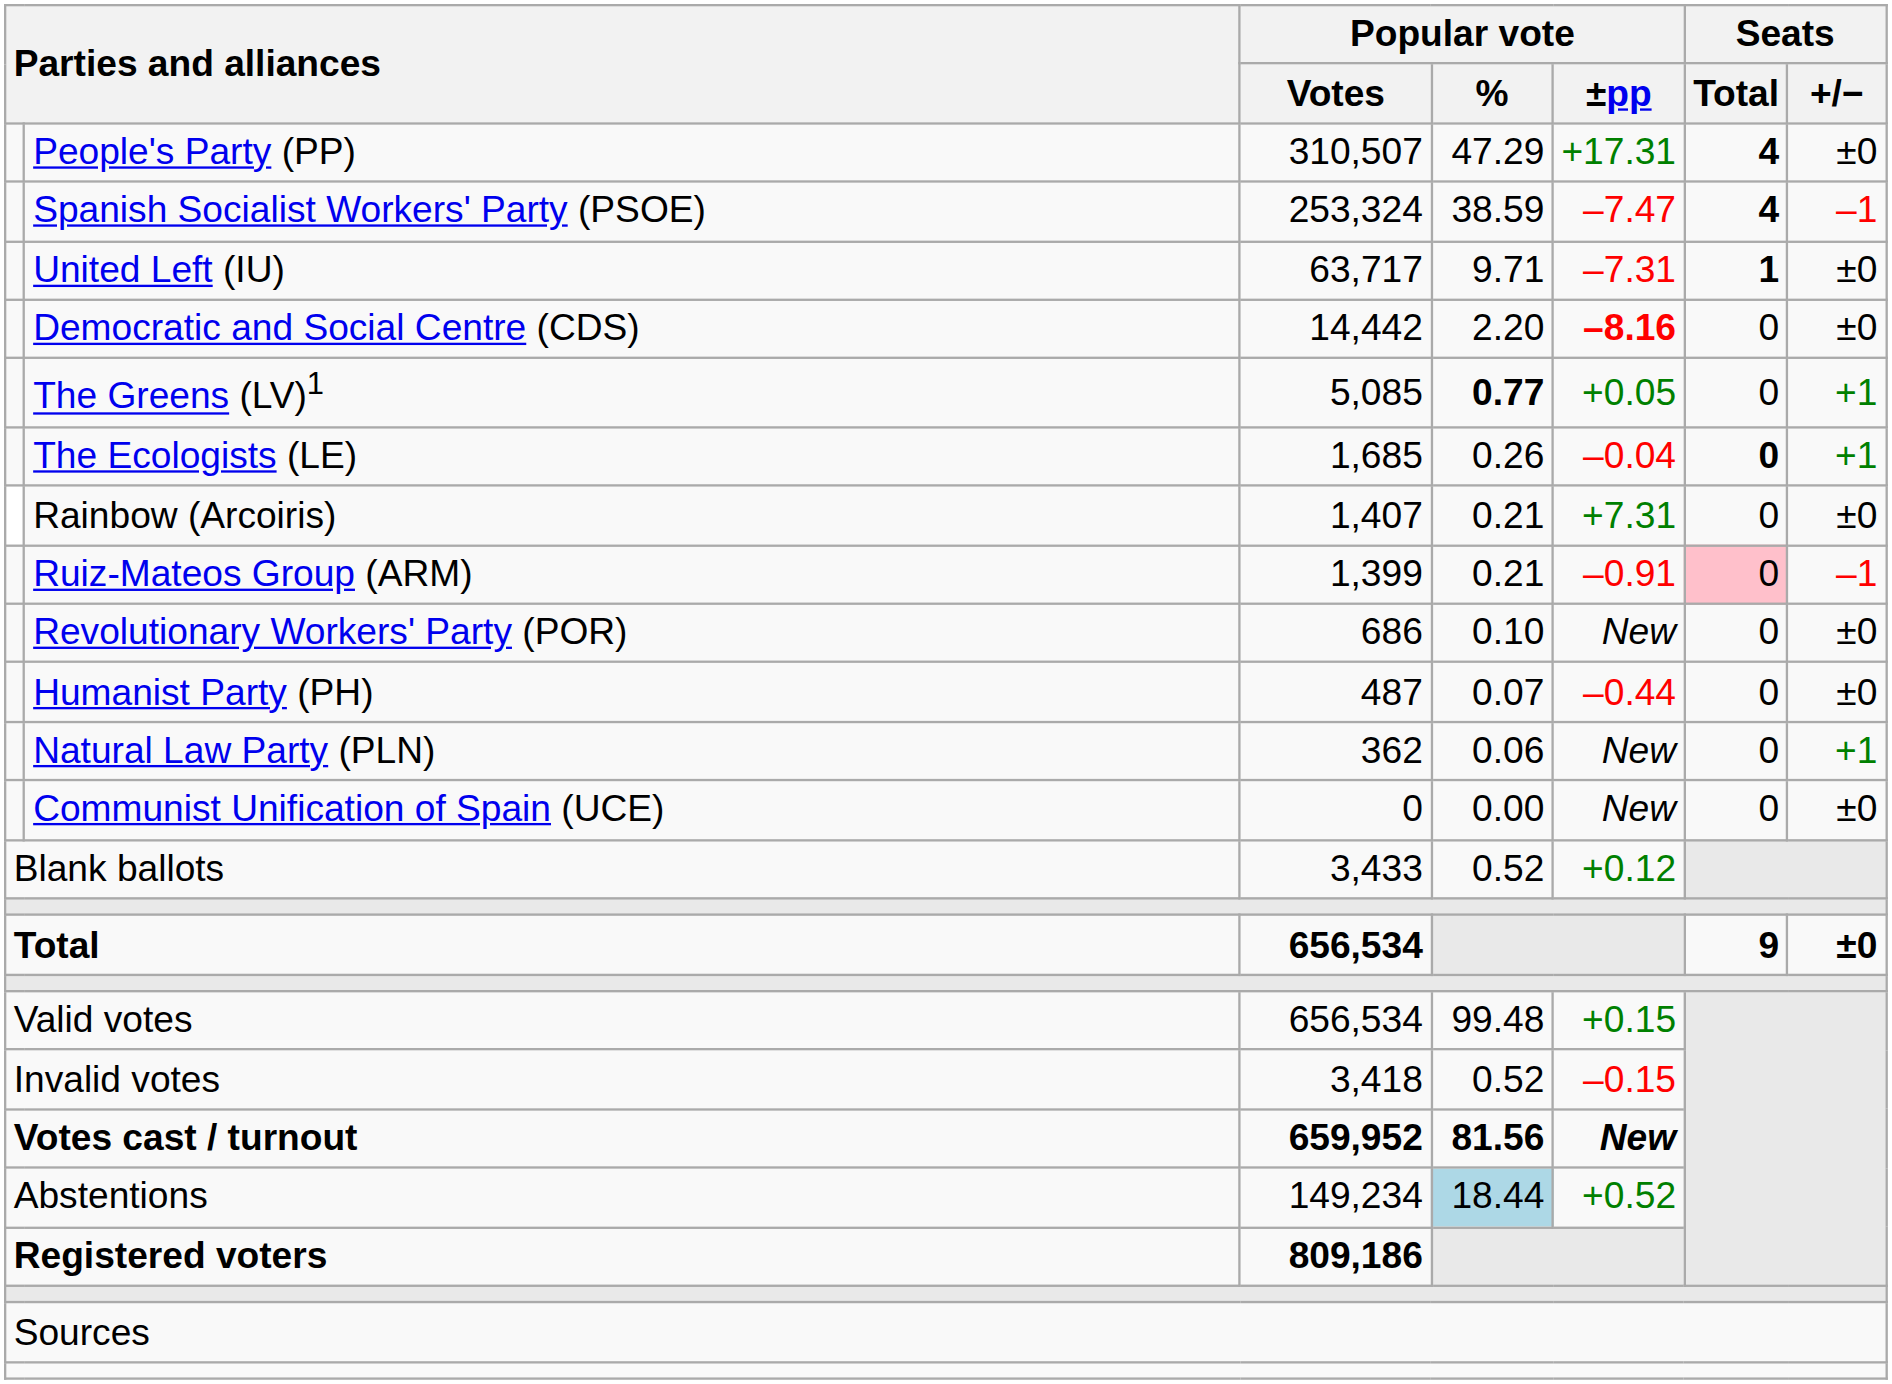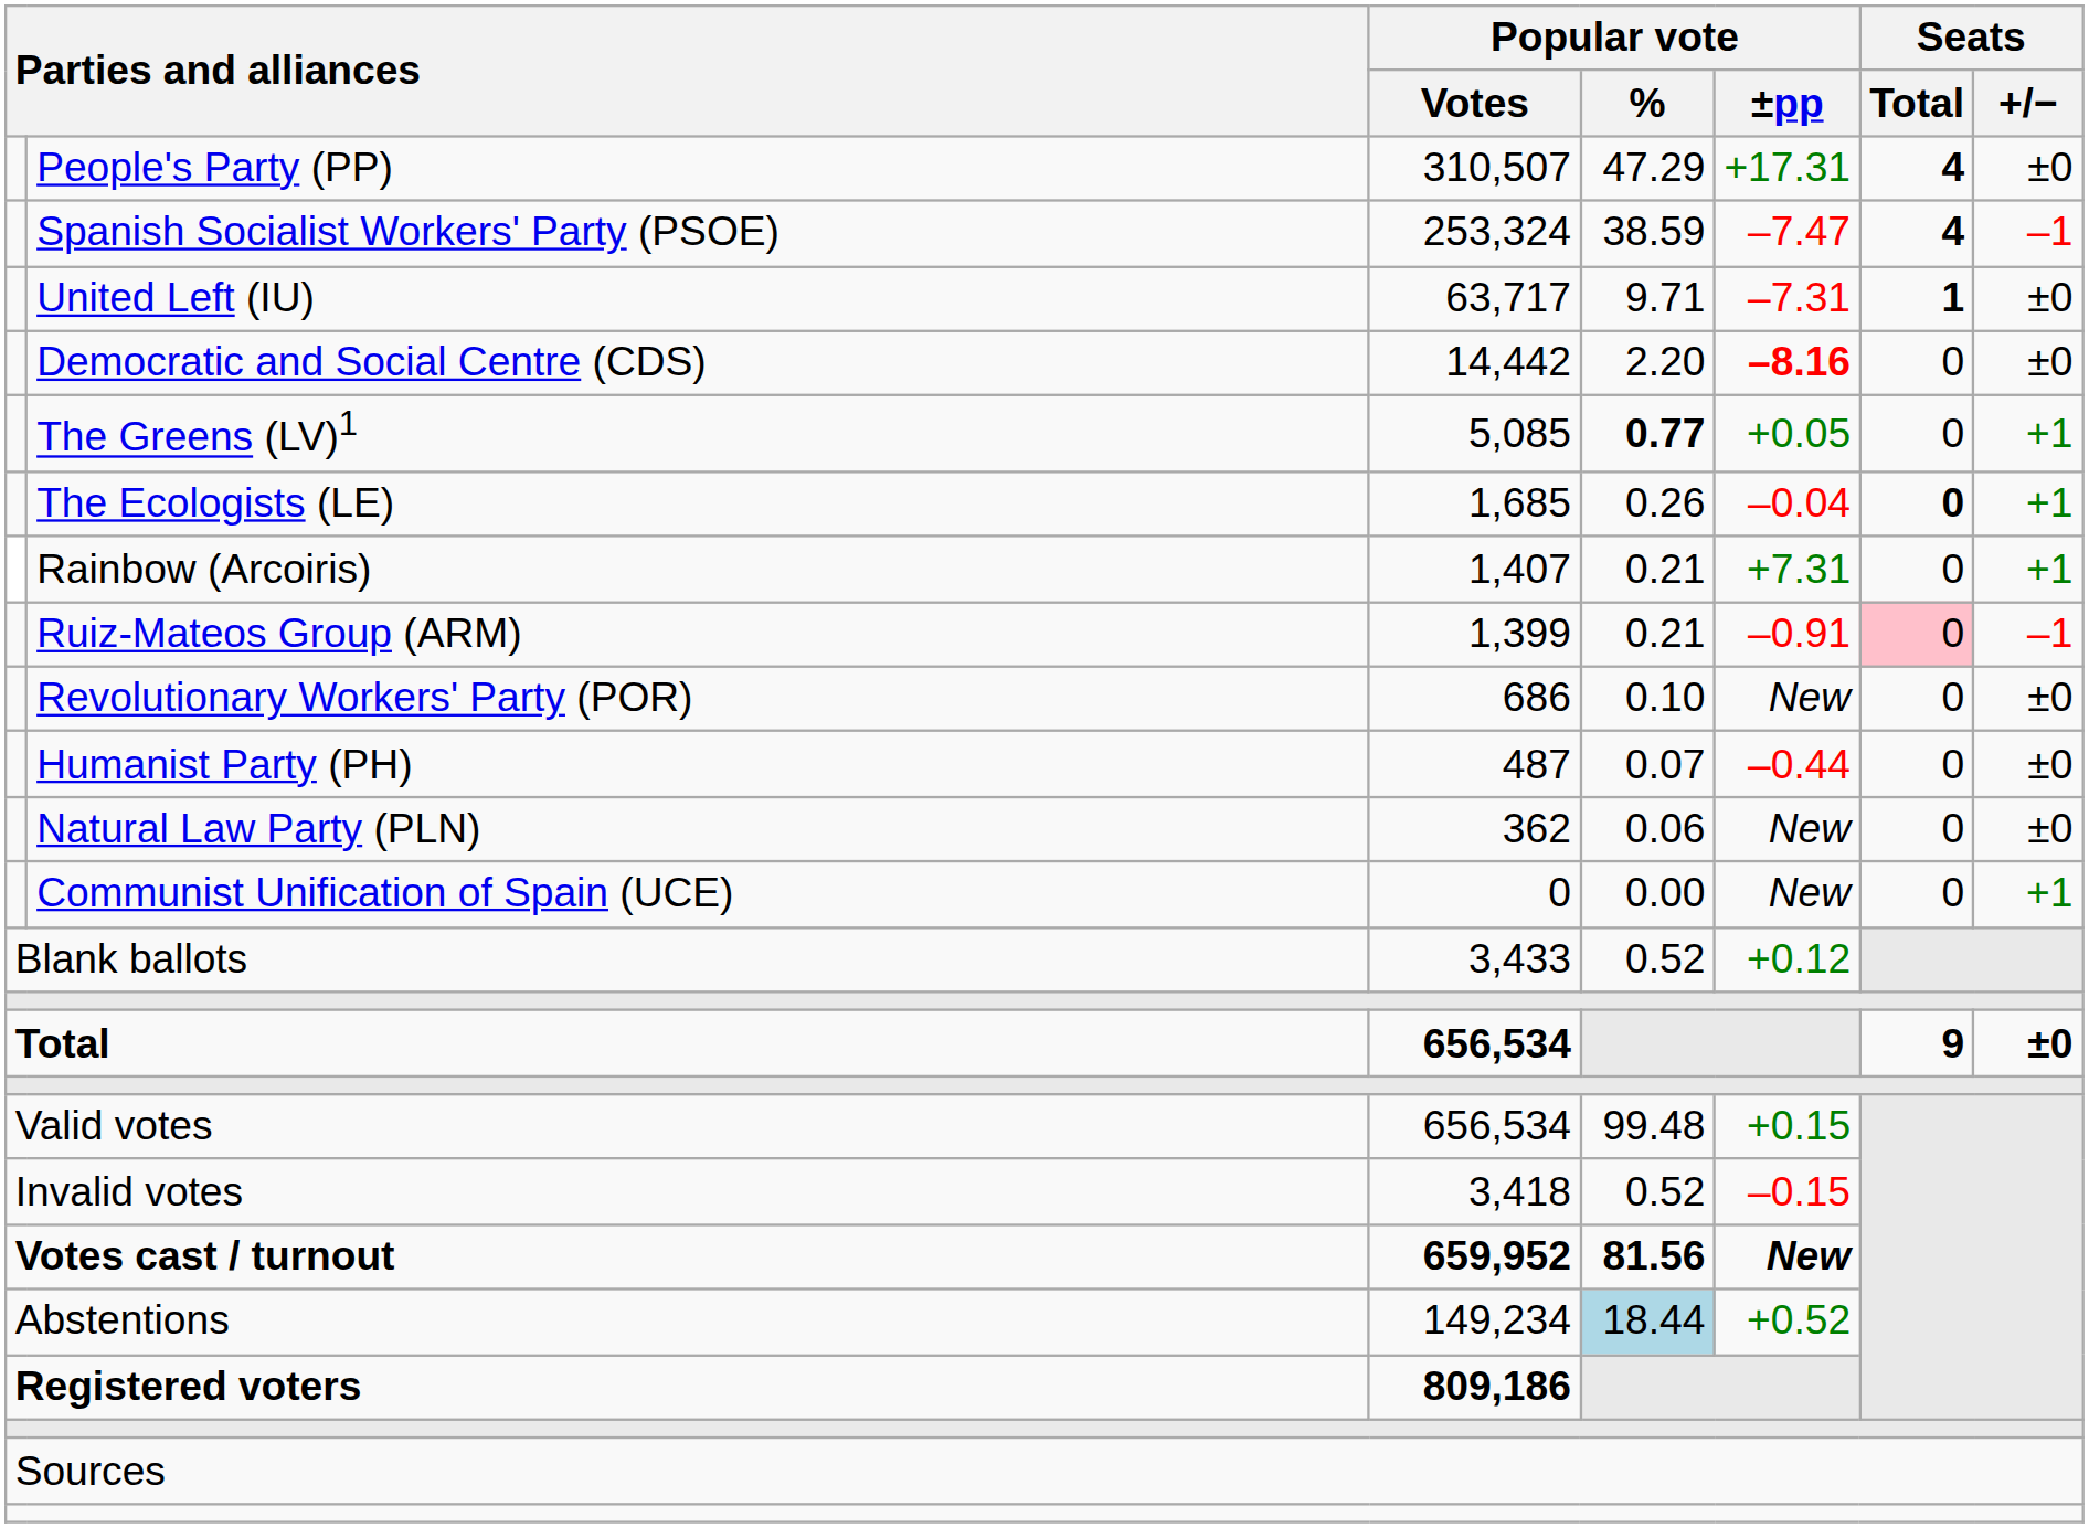 <table class="wikitable" style="text-align:right;">
 <tr>
 <th style="text-align:left;" rowspan="2" colspan="2" width="525">Parties and alliances</th>
 <th colspan="3">Popular vote</th>
 <th colspan="2">Seats</th>
 </tr>
 <tr>
 <th width="75">Votes</th>
 <th width="45">%</th>
 <th width="45">±<a href='#'>pp</a></th>
 <th width="35">Total</th>
 <th width="35">+/−</th>
 </tr>
 <tr>
 <td width="1" style="color:inherit;background:"></td>
 <td align="left"><a href='#'>People's Party</a> (PP)</td>
 <td>310,507</td>
 <td>47.29</td>
 <td style="color:green;">+17.31</td>
 <td><strong>4</strong></td>
 <td>±0</td>
 </tr>
 <tr>
 <td style="color:inherit;background:"></td>
 <td align="left"><a href='#'>Spanish Socialist Workers' Party</a> (PSOE)</td>
 <td>253,324</td>
 <td>38.59</td>
 <td style="color:red;">–7.47</td>
 <td><strong>4</strong></td>
 <td style="color:red;">–1</td>
 </tr>
 <tr>
 <td style="color:inherit;background:"></td>
 <td align="left"><a href='#'>United Left</a> (IU)</td>
 <td>63,717</td>
 <td>9.71</td>
 <td style="color:red;">–7.31</td>
 <td><strong>1</strong></td>
 <td>±0</td>
 </tr>
 <tr>
 <td style="color:inherit;background:"></td>
 <td align="left"><a href='#'>Democratic and Social Centre</a> (CDS)</td>
 <td>14,442</td>
 <td>2.20</td>
 <td style="color:red;"><strong>–8.16</strong></td>
 <td>0</td>
 <td>±0</td>
 </tr>
 <tr>
 <td style="color:inherit;background:"></td>
 <td align="left"><a href='#'>The Greens</a> (LV)<sup>1</sup></td>
 <td>5,085</td>
 <td><strong>0.77</strong></td>
 <td style="color:green;">+0.05</td>
 <td>0</td>
 <td style="color:green;">+1</td>
 </tr>
 <tr>
 <td style="color:inherit;background:"></td>
 <td align="left"><a href='#'>The Ecologists</a> (LE)</td>
 <td>1,685</td>
 <td>0.26</td>
 <td style="color:red;">–0.04</td>
 <td><strong>0</strong></td>
 <td style="color:green;">+1</td>
 </tr>
 <tr>
 <td bgcolor="white"></td>
 <td align="left">Rainbow (Arcoiris)</td>
 <td>1,407</td>
 <td>0.21</td>
 <td style="color:green;">+7.31</td>
 <td>0</td>
-<td>±0</td>
+<td style="color:green;">+1</td>
 </tr>
 <tr>
 <td style="color:inherit;background:"></td>
 <td align="left"><a href='#'>Ruiz-Mateos Group</a> (ARM)</td>
 <td>1,399</td>
 <td>0.21</td>
 <td style="color:red;">–0.91</td>
 <td style="background: pink;">0</td>
 <td style="color:red;">–1</td>
 </tr>
 <tr>
 <td style="color:inherit;background:"></td>
 <td align="left"><a href='#'>Revolutionary Workers' Party</a> (POR)</td>
 <td>686</td>
 <td>0.10</td>
 <td><em>New</em></td>
 <td>0</td>
 <td>±0</td>
 </tr>
 <tr>
 <td style="color:inherit;background:"></td>
 <td align="left"><a href='#'>Humanist Party</a> (PH)</td>
 <td>487</td>
 <td>0.07</td>
 <td style="color:red;">–0.44</td>
 <td>0</td>
 <td>±0</td>
 </tr>
 <tr>
 <td style="color:inherit;background:"></td>
 <td align="left"><a href='#'>Natural Law Party</a> (PLN)</td>
 <td>362</td>
 <td>0.06</td>
 <td><em>New</em></td>
 <td>0</td>
-<td style="color:green;">+1</td>
+<td>±0</td>
 </tr>
 <tr>
 <td style="color:inherit;background:"></td>
 <td align="left"><a href='#'>Communist Unification of Spain</a> (UCE)</td>
 <td>0</td>
 <td>0.00</td>
 <td><em>New</em></td>
 <td>0</td>
-<td>±0</td>
+<td style="color:green;">+1</td>
 </tr>
 <tr>
 <td align="left" colspan="2">Blank ballots</td>
 <td>3,433</td>
 <td>0.52</td>
 <td style="color:green;">+0.12</td>
 <td bgcolor="#E9E9E9" colspan="2"></td>
 </tr>
 <tr>
 <td colspan="7" bgcolor="#E9E9E9"></td>
 </tr>
 <tr style="font-weight:bold;">
 <td align="left" colspan="2">Total</td>
 <td>656,534</td>
 <td bgcolor="#E9E9E9" colspan="2"></td>
 <td>9</td>
 <td>±0</td>
 </tr>
 <tr>
 <td colspan="7" bgcolor="#E9E9E9"></td>
 </tr>
 <tr>
 <td align="left" colspan="2">Valid votes</td>
 <td>656,534</td>
 <td>99.48</td>
 <td style="color:green;">+0.15</td>
 <td bgcolor="#E9E9E9" colspan="2" rowspan="5"></td>
 </tr>
 <tr>
 <td align="left" colspan="2">Invalid votes</td>
 <td>3,418</td>
 <td>0.52</td>
 <td style="color:red;">–0.15</td>
 </tr>
 <tr style="font-weight:bold;">
 <td align="left" colspan="2">Votes cast / turnout</td>
 <td>659,952</td>
 <td>81.56</td>
 <td><em>New</em></td>
 </tr>
 <tr>
 <td align="left" colspan="2">Abstentions</td>
 <td>149,234</td>
 <td style="background: lightblue;">18.44</td>
 <td style="color:green;">+0.52</td>
 </tr>
 <tr style="font-weight:bold;">
 <td align="left" colspan="2">Registered voters</td>
 <td>809,186</td>
 <td bgcolor="#E9E9E9" colspan="2"></td>
 </tr>
 <tr>
 <td colspan="7" bgcolor="#E9E9E9"></td>
 </tr>
 <tr>
 <td align="left" colspan="7">Sources</td>
 </tr>
 <tr>
 <td colspan="7" style="text-align:left; max-width:790px;"></td>
 </tr>
 </table>
